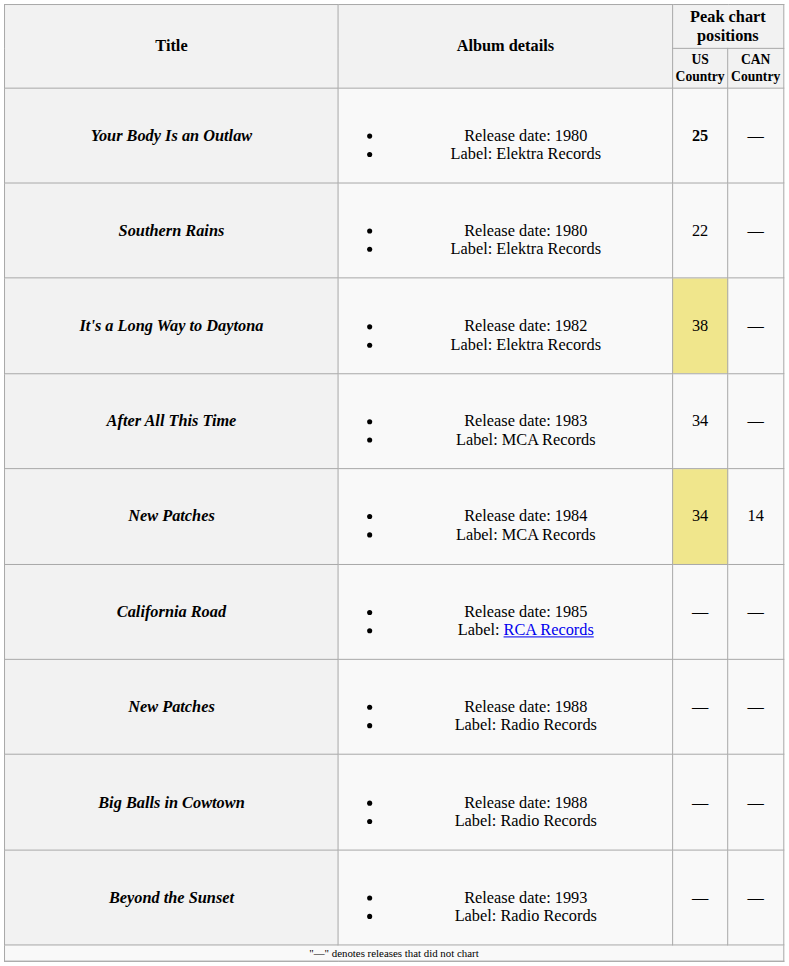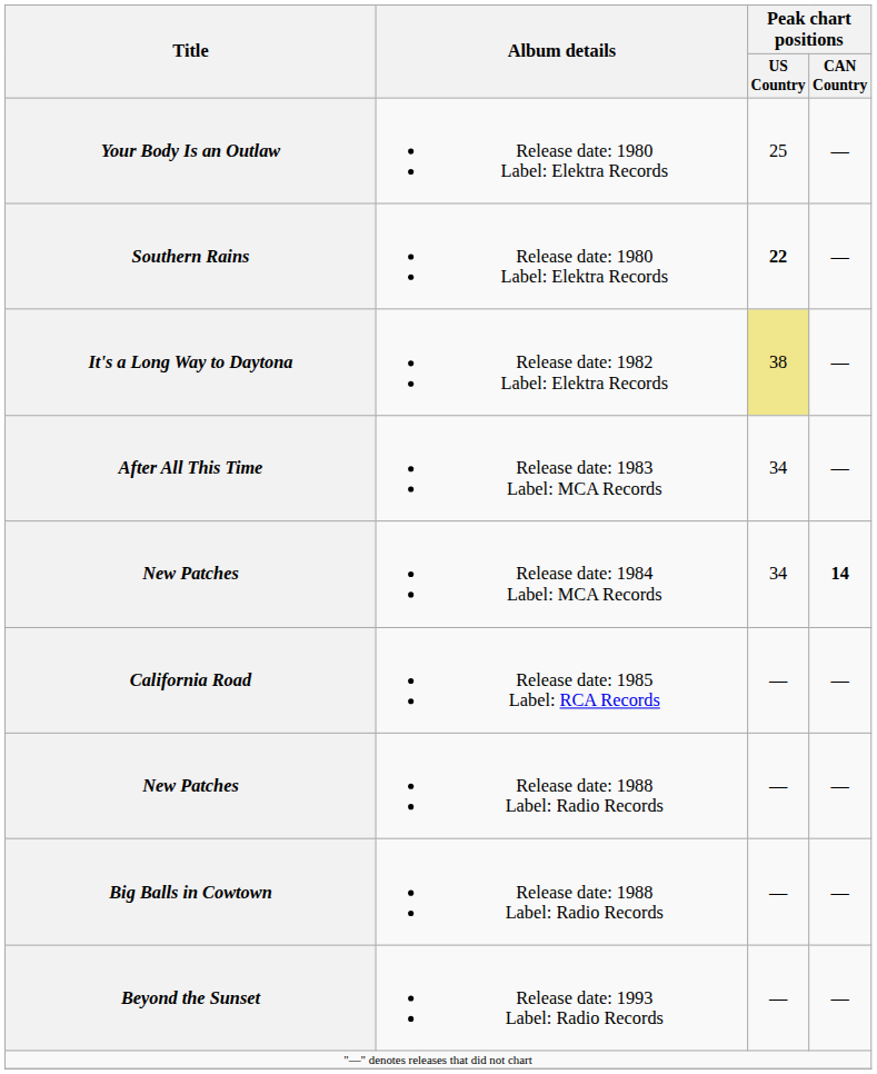 <table class="wikitable plainrowheaders" style="text-align:center;">
 <tr>
 <th rowspan="2" style="width:20em;">Title</th>
 <th rowspan="2" style="width:20em;">Album details</th>
 <th colspan="2">Peak chart<br>positions</th>
 </tr>
 <tr style="font-size:smaller;">
 <th width="45">US Country<br></th>
 <th width="45">CAN Country<br></th>
 </tr>
 <tr>
 <th scope="row"><em>Your Body Is an Outlaw</em></th>
 <td><br><ul><li>Release date: 1980</li><li>Label: Elektra Records</li></ul></td>
-<td><strong>25</strong></td>
+<td>25</td>
 <td>—</td>
 </tr>
 <tr>
 <th scope="row"><em>Southern Rains</em></th>
 <td><br><ul><li>Release date: 1980</li><li>Label: Elektra Records</li></ul></td>
-<td>22</td>
+<td><strong>22</strong></td>
 <td>—</td>
 </tr>
 <tr>
 <th scope="row"><em>It's a Long Way to Daytona</em></th>
 <td><br><ul><li>Release date: 1982</li><li>Label: Elektra Records</li></ul></td>
 <td style="background: khaki;">38</td>
 <td>—</td>
 </tr>
 <tr>
 <th scope="row"><em>After All This Time</em></th>
 <td><br><ul><li>Release date: 1983</li><li>Label: MCA Records</li></ul></td>
 <td>34</td>
 <td>—</td>
 </tr>
 <tr>
 <th scope="row"><em>New Patches</em></th>
 <td><br><ul><li>Release date: 1984</li><li>Label: MCA Records</li></ul></td>
-<td style="background: khaki;">34</td>
-<td>14</td>
+<td>34</td>
+<td><strong>14</strong></td>
 </tr>
 <tr>
 <th scope="row"><em>California Road</em></th>
 <td><br><ul><li>Release date: 1985</li><li>Label: <a href='#'>RCA Records</a></li></ul></td>
 <td>—</td>
 <td>—</td>
 </tr>
 <tr>
 <th scope="row"><em>New Patches</em></th>
 <td><br><ul><li>Release date: 1988</li><li>Label: Radio Records</li></ul></td>
 <td>—</td>
 <td>—</td>
 </tr>
 <tr>
 <th scope="row"><em>Big Balls in Cowtown</em></th>
 <td><br><ul><li>Release date: 1988</li><li>Label: Radio Records</li></ul></td>
 <td>—</td>
 <td>—</td>
 </tr>
 <tr>
 <th scope="row"><em>Beyond the Sunset</em></th>
 <td><br><ul><li>Release date: 1993</li><li>Label: Radio Records</li></ul></td>
 <td>—</td>
 <td>—</td>
 </tr>
 <tr>
 <td colspan="4" style="font-size:8pt">"—" denotes releases that did not chart</td>
 </tr>
 <tr>
 </tr>
 </table>
